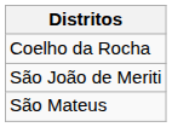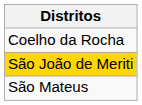 <table class="wikitable">
 <tr>
 <th>Distritos</th>
 </tr>
 <tr>
 <td>Coelho da Rocha</td>
 </tr>
 <tr>
-<td>São João de Meriti</td>
+<td style="background: gold;">São João de Meriti</td>
 </tr>
 <tr>
 <td>São Mateus</td>
 </tr>
 </table>
